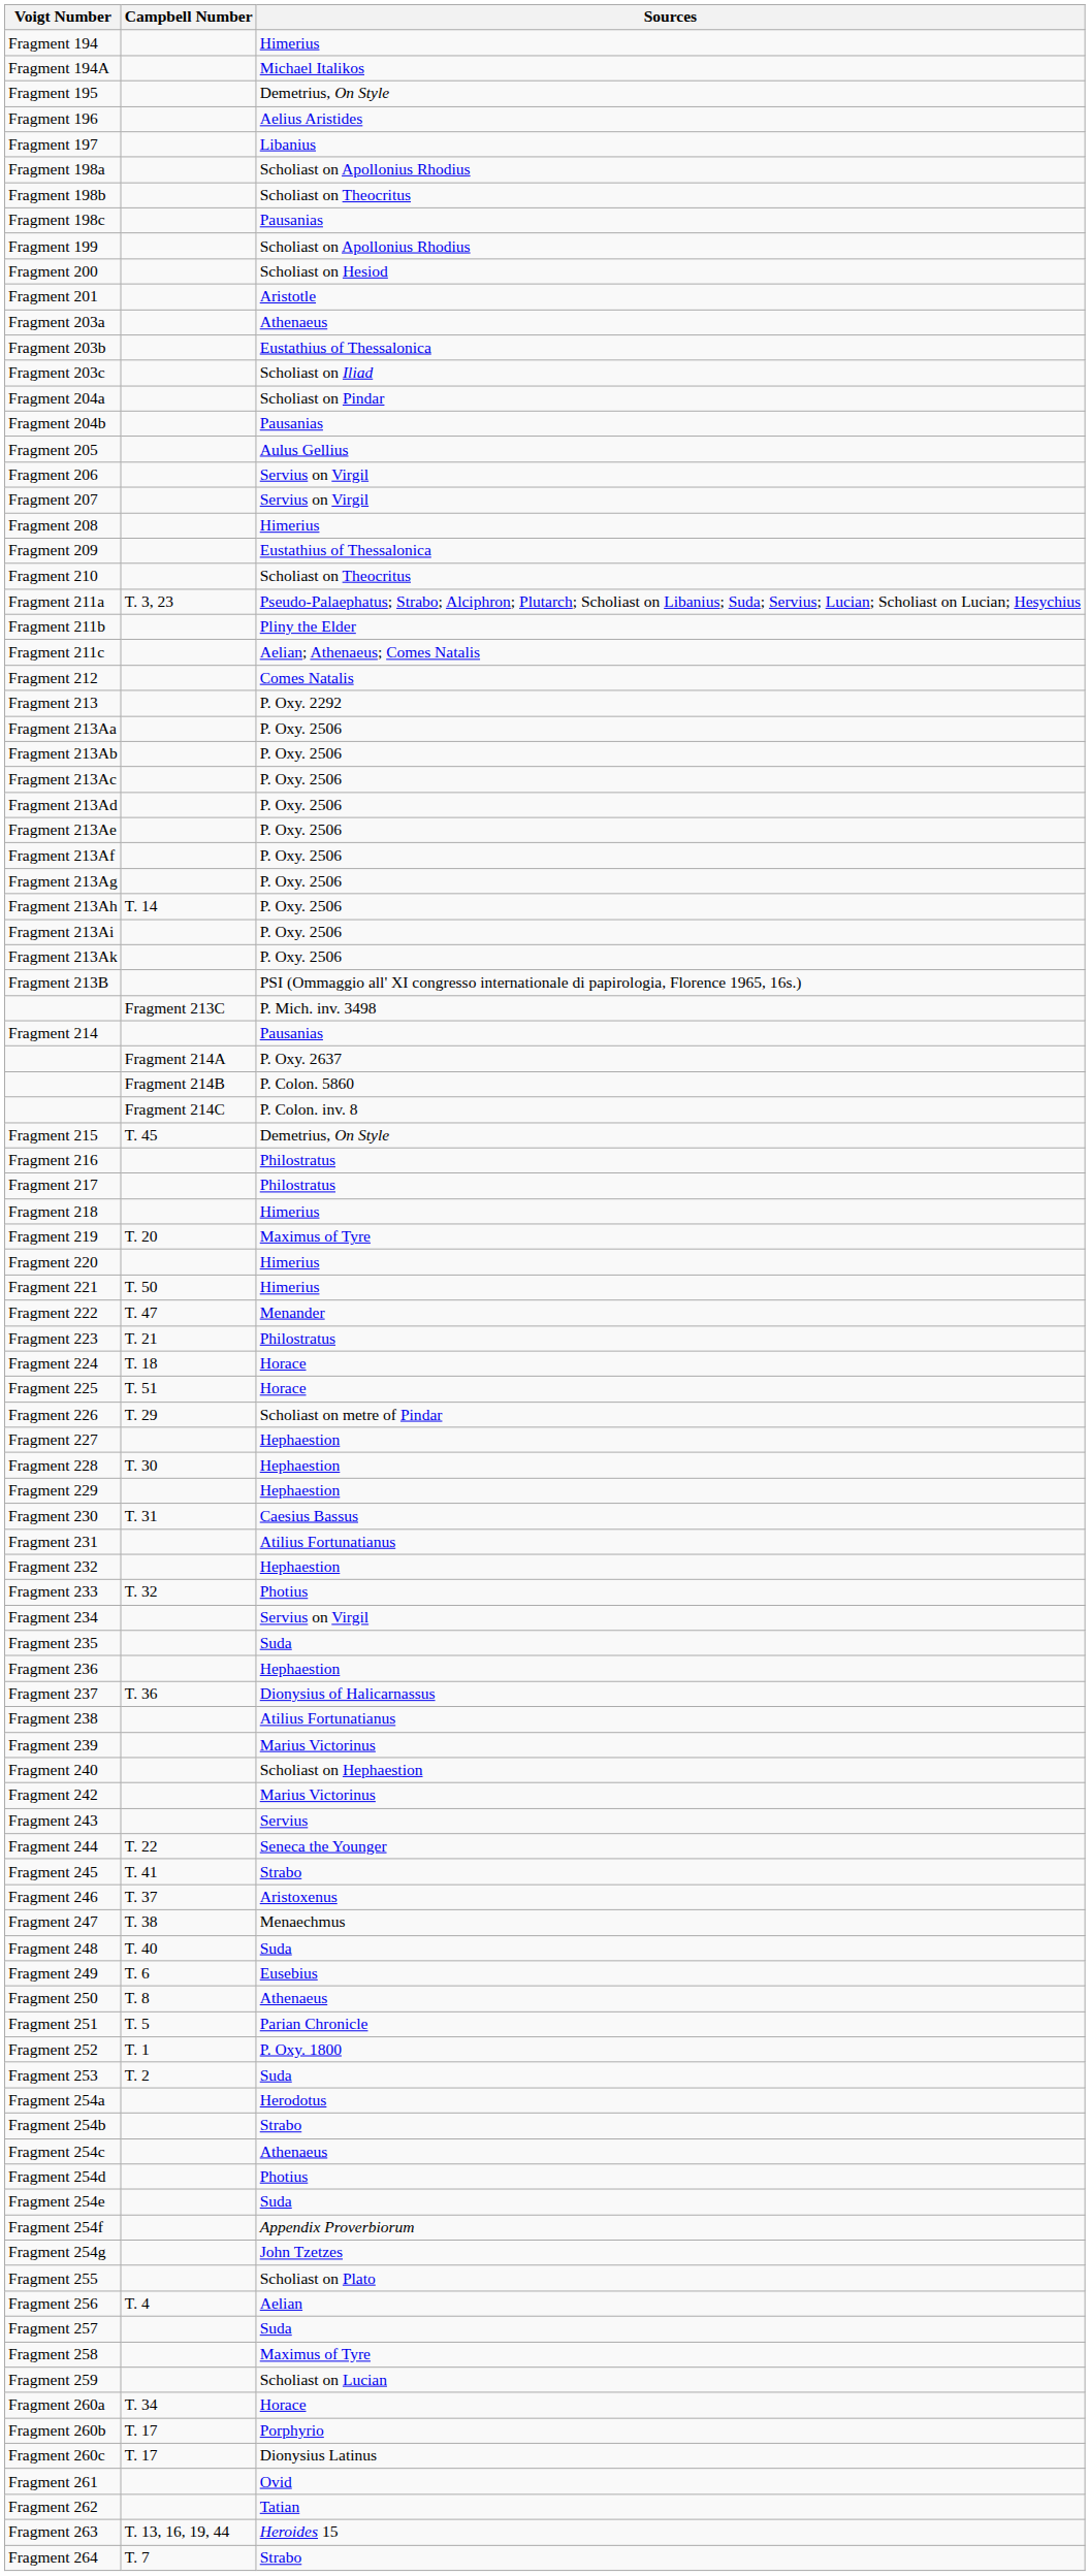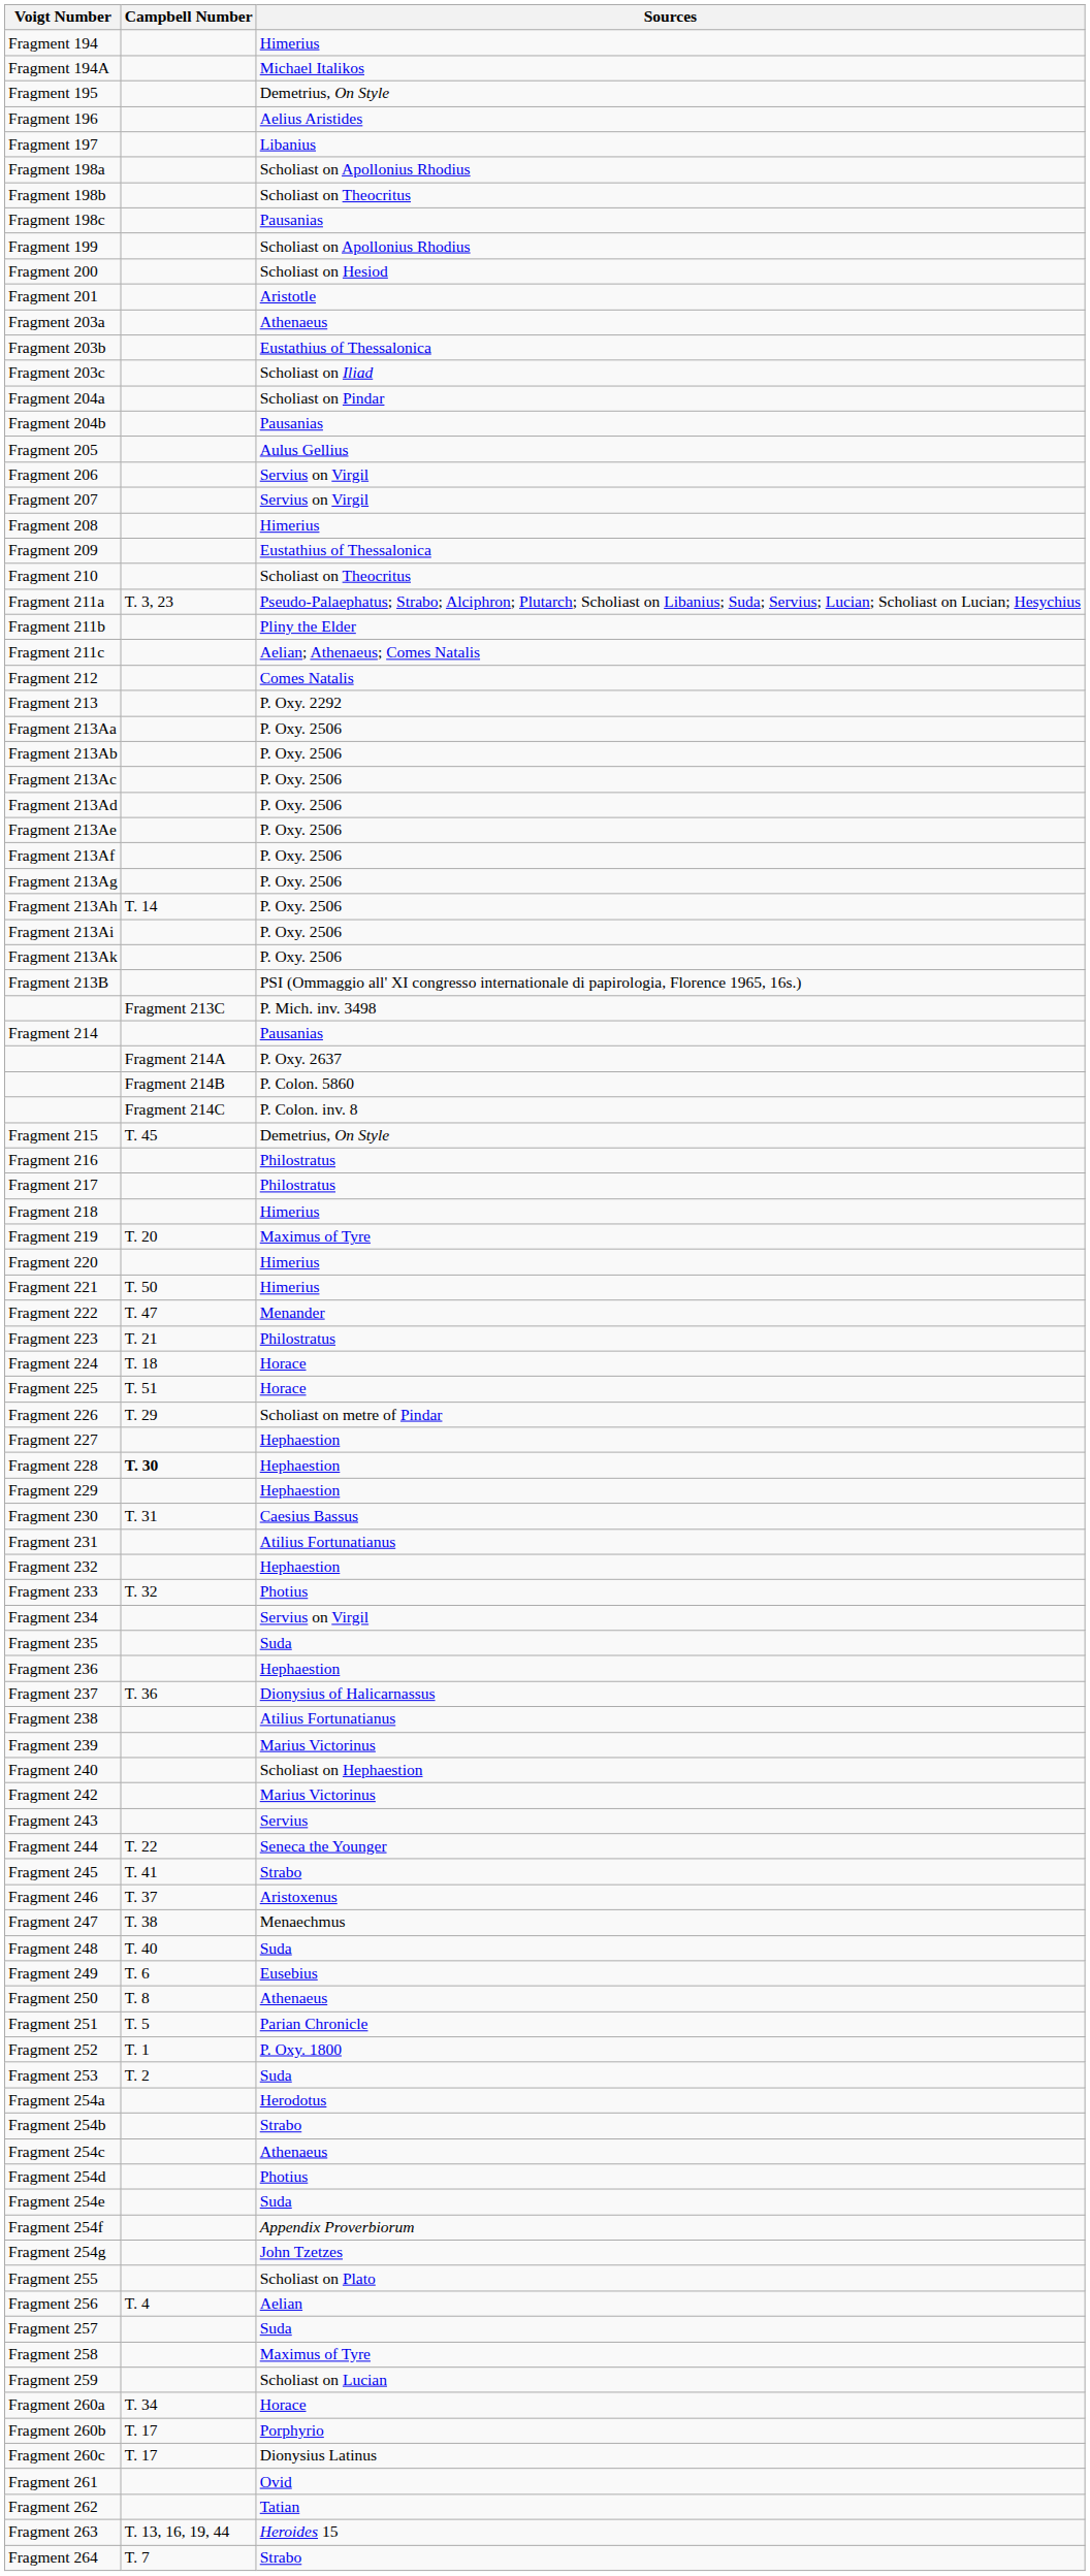 <table class="wikitable sortable">
 <tr>
 <th scope="col">Voigt Number</th>
 <th>Campbell Number</th>
 <th>Sources</th>
 </tr>
 <tr>
 <td>Fragment 194</td>
 <td data-sort-value="T. 62"></td>
 <td><a href='#'>Himerius</a></td>
 </tr>
 <tr>
 <td>Fragment 194A</td>
 <td data-sort-value="T. 62"></td>
 <td><a href='#'>Michael Italikos</a></td>
 </tr>
 <tr>
 <td>Fragment 195</td>
 <td data-sort-value="T. 62"></td>
 <td>Demetrius, <em>On Style</em></td>
 </tr>
 <tr>
 <td>Fragment 196</td>
 <td data-sort-value="T. 62"></td>
 <td><a href='#'>Aelius Aristides</a></td>
 </tr>
 <tr>
 <td>Fragment 197</td>
 <td data-sort-value="T. 62"></td>
 <td><a href='#'>Libanius</a></td>
 </tr>
 <tr>
 <td>Fragment 198a</td>
 <td data-sort-value="T. 62"></td>
 <td>Scholiast on <a href='#'>Apollonius Rhodius</a></td>
 </tr>
 <tr>
 <td>Fragment 198b</td>
 <td data-sort-value="T. 62"></td>
 <td>Scholiast on <a href='#'>Theocritus</a></td>
 </tr>
 <tr>
 <td>Fragment 198c</td>
 <td data-sort-value="T. 62"></td>
 <td><a href='#'>Pausanias</a></td>
 </tr>
 <tr>
 <td>Fragment 199</td>
 <td data-sort-value="T. 62"></td>
 <td>Scholiast on <a href='#'>Apollonius Rhodius</a></td>
 </tr>
 <tr>
 <td>Fragment 200</td>
 <td data-sort-value="T. 62"></td>
 <td>Scholiast on <a href='#'>Hesiod</a></td>
 </tr>
 <tr>
 <td>Fragment 201</td>
 <td data-sort-value="T. 62"></td>
 <td><a href='#'>Aristotle</a></td>
 </tr>
 <tr>
 <td>Fragment 203a</td>
 <td data-sort-value="T. 62"></td>
 <td><a href='#'>Athenaeus</a></td>
 </tr>
 <tr>
 <td>Fragment 203b</td>
 <td data-sort-value="T. 62"></td>
 <td><a href='#'>Eustathius of Thessalonica</a></td>
 </tr>
 <tr>
 <td>Fragment 203c</td>
 <td data-sort-value="T. 62"></td>
 <td>Scholiast on <em><a href='#'>Iliad</a></em></td>
 </tr>
 <tr>
 <td>Fragment 204a</td>
 <td data-sort-value="T. 62"></td>
 <td>Scholiast on <a href='#'>Pindar</a></td>
 </tr>
 <tr>
 <td>Fragment 204b</td>
 <td data-sort-value="T. 62"></td>
 <td><a href='#'>Pausanias</a></td>
 </tr>
 <tr>
 <td>Fragment 205</td>
 <td data-sort-value="T. 62"></td>
 <td><a href='#'>Aulus Gellius</a></td>
 </tr>
 <tr>
 <td>Fragment 206</td>
 <td data-sort-value="T. 62"></td>
 <td><a href='#'>Servius</a> on <a href='#'>Virgil</a></td>
 </tr>
 <tr>
 <td>Fragment 207</td>
 <td data-sort-value="T. 62"></td>
 <td><a href='#'>Servius</a> on <a href='#'>Virgil</a></td>
 </tr>
 <tr>
 <td>Fragment 208</td>
 <td data-sort-value="T. 62"></td>
 <td><a href='#'>Himerius</a></td>
 </tr>
 <tr>
 <td>Fragment 209</td>
 <td data-sort-value="T. 62"></td>
 <td><a href='#'>Eustathius of Thessalonica</a></td>
 </tr>
 <tr>
 <td>Fragment 210</td>
 <td data-sort-value="T. 62"></td>
 <td>Scholiast on <a href='#'>Theocritus</a></td>
 </tr>
 <tr>
 <td>Fragment 211a</td>
 <td>T. 3, 23</td>
 <td><a href='#'>Pseudo-Palaephatus</a>; <a href='#'>Strabo</a>; <a href='#'>Alciphron</a>; <a href='#'>Plutarch</a>; Scholiast on <a href='#'>Libanius</a>; <a href='#'>Suda</a>; <a href='#'>Servius</a>; <a href='#'>Lucian</a>; Scholiast on Lucian; <a href='#'>Hesychius</a></td>
 </tr>
 <tr>
 <td>Fragment 211b</td>
 <td data-sort-value="T. 62"></td>
 <td><a href='#'>Pliny the Elder</a></td>
 </tr>
 <tr>
 <td>Fragment 211c</td>
 <td data-sort-value="T. 62"></td>
 <td><a href='#'>Aelian</a>; <a href='#'>Athenaeus</a>; <a href='#'>Comes Natalis</a></td>
 </tr>
 <tr>
 <td>Fragment 212</td>
 <td data-sort-value="T. 62"></td>
 <td><a href='#'>Comes Natalis</a></td>
 </tr>
 <tr>
 <td>Fragment 213</td>
 <td data-sort-value="T. 62"></td>
 <td>P. Oxy. 2292</td>
 </tr>
 <tr>
 <td>Fragment 213Aa</td>
 <td data-sort-value="T. 62"></td>
 <td>P. Oxy. 2506</td>
 </tr>
 <tr>
 <td>Fragment 213Ab</td>
 <td data-sort-value="T. 62"></td>
 <td>P. Oxy. 2506</td>
 </tr>
 <tr>
 <td>Fragment 213Ac</td>
 <td data-sort-value="T. 62"></td>
 <td>P. Oxy. 2506</td>
 </tr>
 <tr>
 <td>Fragment 213Ad</td>
 <td data-sort-value="T. 62"></td>
 <td>P. Oxy. 2506</td>
 </tr>
 <tr>
 <td>Fragment 213Ae</td>
 <td data-sort-value="T. 62"></td>
 <td>P. Oxy. 2506</td>
 </tr>
 <tr>
 <td>Fragment 213Af</td>
 <td data-sort-value="T. 62"></td>
 <td>P. Oxy. 2506</td>
 </tr>
 <tr>
 <td>Fragment 213Ag</td>
 <td data-sort-value="T. 62"></td>
 <td>P. Oxy. 2506</td>
 </tr>
 <tr>
 <td>Fragment 213Ah</td>
 <td>T. 14</td>
 <td>P. Oxy. 2506</td>
 </tr>
 <tr>
 <td>Fragment 213Ai</td>
 <td data-sort-value="T. 62"></td>
 <td>P. Oxy. 2506</td>
 </tr>
 <tr>
 <td>Fragment 213Ak</td>
 <td data-sort-value="T. 62"></td>
 <td>P. Oxy. 2506</td>
 </tr>
 <tr>
 <td>Fragment 213B</td>
 <td data-sort-value="T. 62"></td>
 <td>PSI (Ommaggio all' XI congresso internationale di papirologia, Florence 1965, 16s.)</td>
 </tr>
 <tr>
 <td data-sort-value="Fragment 213C"></td>
 <td data-sort-value="T. 62">Fragment 213C</td>
 <td>P. Mich. inv. 3498</td>
 </tr>
 <tr>
 <td>Fragment 214</td>
 <td data-sort-value="T. 62"></td>
 <td><a href='#'>Pausanias</a></td>
 </tr>
 <tr>
 <td data-sort-value="Fragment 214A"></td>
 <td data-sort-value="T. 62">Fragment 214A</td>
 <td>P. Oxy. 2637</td>
 </tr>
 <tr>
 <td data-sort-value="Fragment 214B"></td>
 <td data-sort-value="T. 62">Fragment 214B</td>
 <td>P. Colon. 5860</td>
 </tr>
 <tr>
 <td data-sort-value="Fragment 214C"></td>
 <td data-sort-value="T. 62">Fragment 214C</td>
 <td>P. Colon. inv. 8</td>
 </tr>
 <tr>
 <td>Fragment 215</td>
 <td>T. 45</td>
 <td>Demetrius, <em>On Style</em></td>
 </tr>
 <tr>
 <td>Fragment 216</td>
 <td data-sort-value="T. 62"></td>
 <td><a href='#'>Philostratus</a></td>
 </tr>
 <tr>
 <td>Fragment 217</td>
 <td data-sort-value="T. 62"></td>
 <td><a href='#'>Philostratus</a></td>
 </tr>
 <tr>
 <td>Fragment 218</td>
 <td data-sort-value="T. 62"></td>
 <td><a href='#'>Himerius</a></td>
 </tr>
 <tr>
 <td>Fragment 219</td>
 <td>T. 20</td>
 <td><a href='#'>Maximus of Tyre</a></td>
 </tr>
 <tr>
 <td>Fragment 220</td>
 <td data-sort-value="T. 62"></td>
 <td><a href='#'>Himerius</a></td>
 </tr>
 <tr>
 <td>Fragment 221</td>
 <td>T. 50</td>
 <td><a href='#'>Himerius</a></td>
 </tr>
 <tr>
 <td>Fragment 222</td>
 <td>T. 47</td>
 <td><a href='#'>Menander</a></td>
 </tr>
 <tr>
 <td>Fragment 223</td>
 <td>T. 21</td>
 <td><a href='#'>Philostratus</a></td>
 </tr>
 <tr>
 <td>Fragment 224</td>
 <td>T. 18</td>
 <td><a href='#'>Horace</a></td>
 </tr>
 <tr>
 <td>Fragment 225</td>
 <td>T. 51</td>
 <td><a href='#'>Horace</a></td>
 </tr>
 <tr>
 <td>Fragment 226</td>
 <td>T. 29</td>
 <td>Scholiast on metre of <a href='#'>Pindar</a></td>
 </tr>
 <tr>
 <td>Fragment 227</td>
 <td data-sort-value="T. 62"></td>
 <td><a href='#'>Hephaestion</a></td>
 </tr>
 <tr>
 <td>Fragment 228</td>
-<td>T. 30</td>
+<td><strong>T. 30</strong></td>
 <td><a href='#'>Hephaestion</a></td>
 </tr>
 <tr>
 <td>Fragment 229</td>
 <td data-sort-value="T. 62"></td>
 <td><a href='#'>Hephaestion</a></td>
 </tr>
 <tr>
 <td>Fragment 230</td>
 <td>T. 31</td>
 <td><a href='#'>Caesius Bassus</a></td>
 </tr>
 <tr>
 <td>Fragment 231</td>
 <td data-sort-value="T. 62"></td>
 <td><a href='#'>Atilius Fortunatianus</a></td>
 </tr>
 <tr>
 <td>Fragment 232</td>
 <td data-sort-value="T. 62"></td>
 <td><a href='#'>Hephaestion</a></td>
 </tr>
 <tr>
 <td>Fragment 233</td>
 <td>T. 32</td>
 <td><a href='#'>Photius</a></td>
 </tr>
 <tr>
 <td>Fragment 234</td>
 <td data-sort-value="T. 62"></td>
 <td><a href='#'>Servius</a> on <a href='#'>Virgil</a></td>
 </tr>
 <tr>
 <td>Fragment 235</td>
 <td data-sort-value="T. 62"></td>
 <td><a href='#'>Suda</a></td>
 </tr>
 <tr>
 <td>Fragment 236</td>
 <td data-sort-value="T. 62"></td>
 <td><a href='#'>Hephaestion</a></td>
 </tr>
 <tr>
 <td>Fragment 237</td>
 <td>T. 36</td>
 <td><a href='#'>Dionysius of Halicarnassus</a></td>
 </tr>
 <tr>
 <td>Fragment 238</td>
 <td data-sort-value="T. 62"></td>
 <td><a href='#'>Atilius Fortunatianus</a></td>
 </tr>
 <tr>
 <td>Fragment 239</td>
 <td data-sort-value="T. 62"></td>
 <td><a href='#'>Marius Victorinus</a></td>
 </tr>
 <tr>
 <td>Fragment 240</td>
 <td data-sort-value="T. 62"></td>
 <td>Scholiast on <a href='#'>Hephaestion</a></td>
 </tr>
 <tr>
 <td>Fragment 242</td>
 <td data-sort-value="T. 62"></td>
 <td><a href='#'>Marius Victorinus</a></td>
 </tr>
 <tr>
 <td>Fragment 243</td>
 <td data-sort-value="T. 62"></td>
 <td><a href='#'>Servius</a></td>
 </tr>
 <tr>
 <td>Fragment 244</td>
 <td>T. 22</td>
 <td><a href='#'>Seneca the Younger</a></td>
 </tr>
 <tr>
 <td>Fragment 245</td>
 <td>T. 41</td>
 <td><a href='#'>Strabo</a></td>
 </tr>
 <tr>
 <td>Fragment 246</td>
 <td>T. 37</td>
 <td><a href='#'>Aristoxenus</a></td>
 </tr>
 <tr>
 <td>Fragment 247</td>
 <td>T. 38</td>
 <td>Menaechmus</td>
 </tr>
 <tr>
 <td>Fragment 248</td>
 <td>T. 40</td>
 <td><a href='#'>Suda</a></td>
 </tr>
 <tr>
 <td>Fragment 249</td>
 <td>T. 6</td>
 <td><a href='#'>Eusebius</a></td>
 </tr>
 <tr>
 <td>Fragment 250</td>
 <td>T. 8</td>
 <td><a href='#'>Athenaeus</a></td>
 </tr>
 <tr>
 <td>Fragment 251</td>
 <td>T. 5</td>
 <td><a href='#'>Parian Chronicle</a></td>
 </tr>
 <tr>
 <td>Fragment 252</td>
 <td>T. 1</td>
 <td><a href='#'>P. Oxy. 1800</a></td>
 </tr>
 <tr>
 <td>Fragment 253</td>
 <td>T. 2</td>
 <td><a href='#'>Suda</a></td>
 </tr>
 <tr>
 <td>Fragment 254a</td>
 <td data-sort-value="T. 62"></td>
 <td><a href='#'>Herodotus</a></td>
 </tr>
 <tr>
 <td>Fragment 254b</td>
 <td data-sort-value="T. 62"></td>
 <td><a href='#'>Strabo</a></td>
 </tr>
 <tr>
 <td>Fragment 254c</td>
 <td data-sort-value="T. 62"></td>
 <td><a href='#'>Athenaeus</a></td>
 </tr>
 <tr>
 <td>Fragment 254d</td>
 <td data-sort-value="T. 62"></td>
 <td><a href='#'>Photius</a></td>
 </tr>
 <tr>
 <td>Fragment 254e</td>
 <td data-sort-value="T. 62"></td>
 <td><a href='#'>Suda</a></td>
 </tr>
 <tr>
 <td>Fragment 254f</td>
 <td data-sort-value="T. 62"></td>
 <td><em>Appendix Proverbiorum</em></td>
 </tr>
 <tr>
 <td>Fragment 254g</td>
 <td data-sort-value="T. 62"></td>
 <td><a href='#'>John Tzetzes</a></td>
 </tr>
 <tr>
 <td>Fragment 255</td>
 <td data-sort-value="T. 62"></td>
 <td>Scholiast on <a href='#'>Plato</a></td>
 </tr>
 <tr>
 <td>Fragment 256</td>
 <td>T. 4</td>
 <td><a href='#'>Aelian</a></td>
 </tr>
 <tr>
 <td>Fragment 257</td>
 <td data-sort-value="T. 62"></td>
 <td><a href='#'>Suda</a></td>
 </tr>
 <tr>
 <td>Fragment 258</td>
 <td data-sort-value="T. 62"></td>
 <td><a href='#'>Maximus of Tyre</a></td>
 </tr>
 <tr>
 <td>Fragment 259</td>
 <td data-sort-value="T. 62"></td>
 <td>Scholiast on <a href='#'>Lucian</a></td>
 </tr>
 <tr>
 <td>Fragment 260a</td>
 <td>T. 34</td>
 <td><a href='#'>Horace</a></td>
 </tr>
 <tr>
 <td>Fragment 260b</td>
 <td>T. 17</td>
 <td><a href='#'>Porphyrio</a></td>
 </tr>
 <tr>
 <td>Fragment 260c</td>
 <td>T. 17</td>
 <td>Dionysius Latinus</td>
 </tr>
 <tr>
 <td>Fragment 261</td>
 <td data-sort-value="T. 62"></td>
 <td><a href='#'>Ovid</a></td>
 </tr>
 <tr>
 <td>Fragment 262</td>
 <td data-sort-value="T. 62"></td>
 <td><a href='#'>Tatian</a></td>
 </tr>
 <tr>
 <td>Fragment 263</td>
 <td>T. 13, 16, 19, 44</td>
 <td><em><a href='#'>Heroides</a></em> 15</td>
 </tr>
 <tr>
 <td>Fragment 264</td>
 <td>T. 7</td>
 <td><a href='#'>Strabo</a></td>
 </tr>
 </table>
